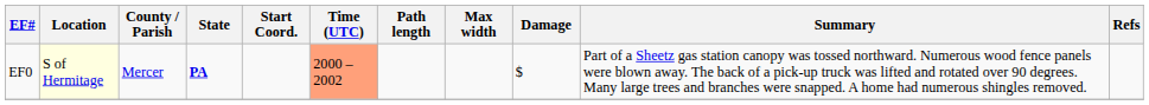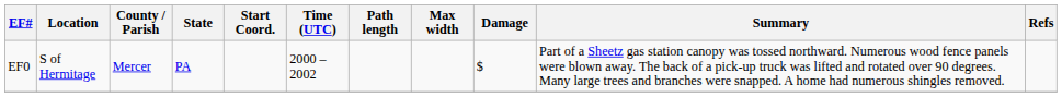 <table class="wikitable sortable" style="width:100%;">
 <tr>
 <th scope="col" width="3%" align="center"><a href='#'>EF#</a></th>
 <th scope="col" width="7%" align="center" class="unsortable">Location</th>
 <th scope="col" width="6%" align="center" class="unsortable">County / Parish</th>
 <th scope="col" width="5%" align="center">State</th>
 <th scope="col" width="6%" align="center">Start Coord.</th>
 <th scope="col" width="6%" align="center">Time (<a href='#'>UTC</a>)</th>
 <th scope="col" width="6%" align="center">Path length</th>
 <th scope="col" width="6%" align="center">Max width</th>
 <th scope="col" width="6%" align="center">Damage</th>
 <th scope="col" width="48%" class="unsortable" align="center">Summary</th>
 <th scope="col" width="48%" class="unsortable" align="center">Refs</th>
 </tr>
 <tr>
 <td>EF0</td>
-<td style="background: lightyellow;">S of <a href='#'>Hermitage</a></td>
+<td>S of <a href='#'>Hermitage</a></td>
 <td><a href='#'>Mercer</a></td>
-<td><strong><a href='#'>PA</a></strong></td>
+<td><a href='#'>PA</a></td>
 <td></td>
-<td style="background: lightsalmon;">2000 – 2002</td>
+<td>2000 – 2002</td>
 <td></td>
 <td></td>
 <td>$</td>
 <td>Part of a <a href='#'>Sheetz</a> gas station canopy was tossed northward. Numerous wood fence panels were blown away. The back of a pick-up truck was lifted and rotated over 90 degrees. Many large trees and branches were snapped. A home had numerous shingles removed.</td>
 <td></td>
 </tr>
 <tr>
 </tr>
 </table>
